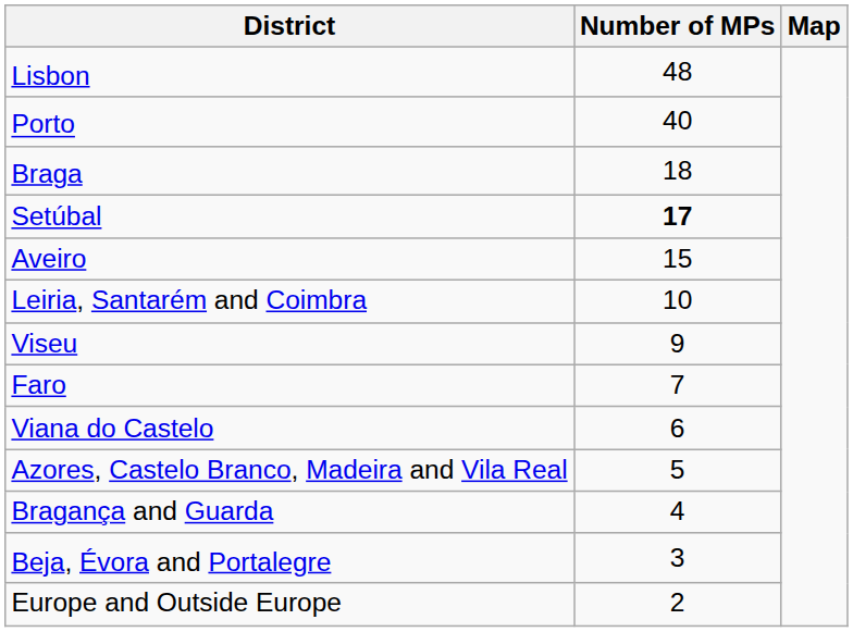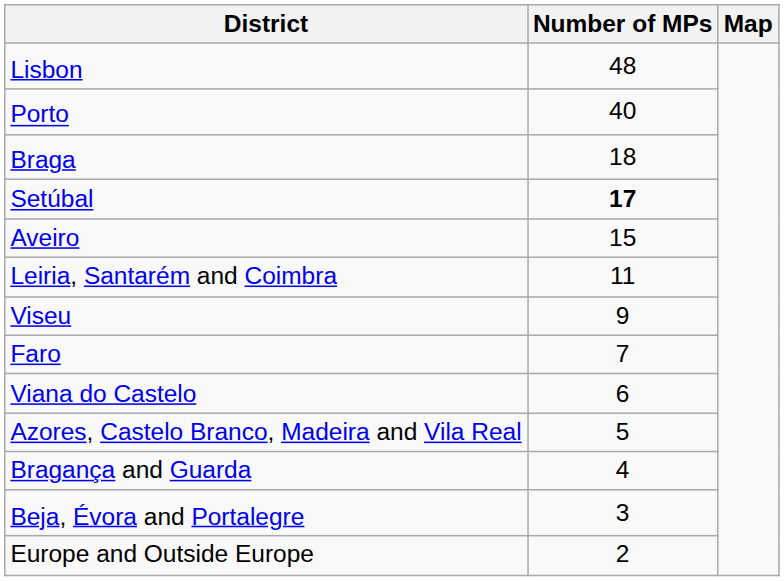 <table class="wikitable">
 <tr>
 <th>District</th>
 <th>Number of MPs</th>
 <th>Map</th>
 </tr>
 <tr>
 <td><a href='#'>Lisbon</a><sup></sup></td>
 <td style="text-align:center;">48</td>
 <td style="text-align:center;" rowspan="13"><br>                      </td>
 </tr>
 <tr>
 <td><a href='#'>Porto</a><sup></sup></td>
 <td style="text-align:center;">40</td>
 </tr>
 <tr>
 <td><a href='#'>Braga</a><sup></sup></td>
 <td style="text-align:center;">18</td>
 </tr>
 <tr>
 <td><a href='#'>Setúbal</a></td>
 <td style="text-align:center;"><strong>17</strong></td>
 </tr>
 <tr>
 <td><a href='#'>Aveiro</a></td>
 <td style="text-align:center;">15</td>
 </tr>
 <tr>
 <td><a href='#'>Leiria</a>, <a href='#'>Santarém</a> and <a href='#'>Coimbra</a></td>
-<td style="text-align:center;">10</td>
+<td style="text-align:center;">11</td>
 </tr>
 <tr>
 <td><a href='#'>Viseu</a></td>
 <td style="text-align:center;">9</td>
 </tr>
 <tr>
 <td><a href='#'>Faro</a></td>
 <td style="text-align:center;">7</td>
 </tr>
 <tr>
 <td><a href='#'>Viana do Castelo</a></td>
 <td style="text-align:center;">6</td>
 </tr>
 <tr>
 <td><a href='#'>Azores</a>, <a href='#'>Castelo Branco</a>, <a href='#'>Madeira</a> and <a href='#'>Vila Real</a></td>
 <td style="text-align:center;">5</td>
 </tr>
 <tr>
 <td><a href='#'>Bragança</a> and <a href='#'>Guarda</a></td>
 <td style="text-align:center;">4</td>
 </tr>
 <tr>
 <td><a href='#'>Beja</a>, <a href='#'>Évora</a><sup></sup> and <a href='#'>Portalegre</a></td>
 <td style="text-align:center;">3</td>
 </tr>
 <tr>
 <td>Europe and Outside Europe</td>
 <td style="text-align:center;">2</td>
 </tr>
 </table>
